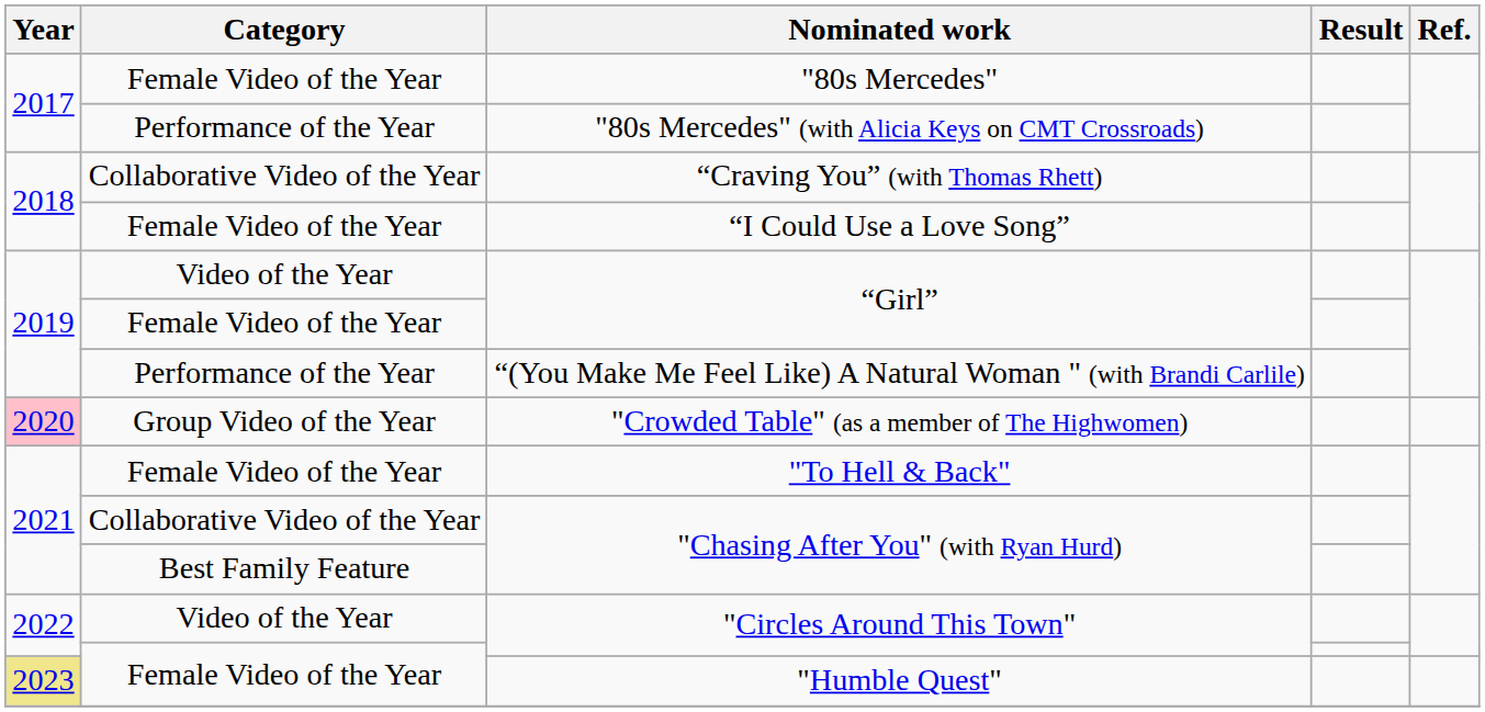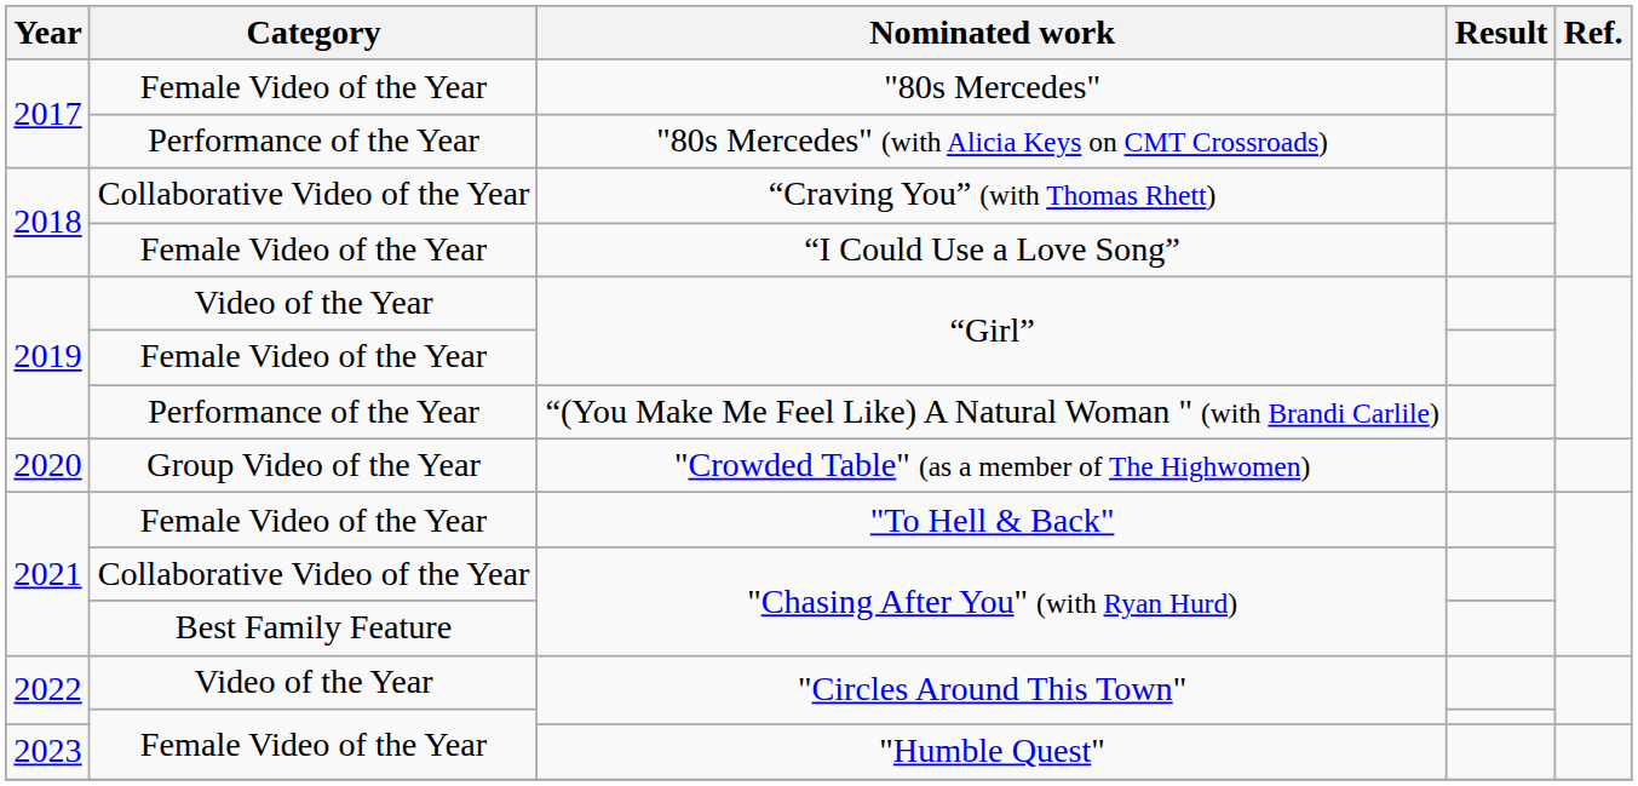 <table class="wikitable" style="text-align:center;">
 <tr>
 <th>Year</th>
 <th>Category</th>
 <th>Nominated work</th>
 <th>Result</th>
 <th>Ref.</th>
 </tr>
 <tr>
 <td rowspan="2"><a href='#'>2017</a></td>
 <td>Female Video of the Year</td>
 <td>"80s Mercedes"</td>
 <td></td>
 <td rowspan="2"></td>
 </tr>
 <tr>
 <td>Performance of the Year</td>
 <td>"80s Mercedes" <small>(with <a href='#'>Alicia Keys</a> on <a href='#'>CMT Crossroads</a>)</small></td>
 <td></td>
 </tr>
 <tr>
 <td rowspan="2"><a href='#'>2018</a></td>
 <td>Collaborative Video of the Year</td>
 <td>“Craving You” <small>(with <a href='#'>Thomas Rhett</a>)</small></td>
 <td></td>
 <td rowspan="2"></td>
 </tr>
 <tr>
 <td rowspan="1">Female Video of the Year</td>
 <td>“I Could Use a Love Song”</td>
 <td></td>
 </tr>
 <tr>
 <td rowspan="3"><a href='#'>2019</a></td>
 <td>Video of the Year</td>
 <td rowspan="2">“Girl”</td>
 <td></td>
 <td rowspan="3"></td>
 </tr>
 <tr>
 <td>Female Video of the Year</td>
 <td></td>
 </tr>
 <tr>
 <td>Performance of the Year</td>
 <td>“(You Make Me Feel Like) A Natural Woman " <small>(with <a href='#'>Brandi Carlile</a>)</small></td>
 <td></td>
 </tr>
 <tr>
-<td style="background: pink;"><a href='#'>2020</a></td>
+<td><a href='#'>2020</a></td>
 <td>Group Video of the Year</td>
 <td>"<a href='#'>Crowded Table</a>" <small>(as a member of <a href='#'>The Highwomen</a>)</small></td>
 <td></td>
 <td></td>
 </tr>
 <tr>
 <td rowspan="3"><a href='#'>2021</a></td>
 <td>Female Video of the Year</td>
 <td><a href='#'>"To Hell & Back"</a></td>
 <td></td>
 <td rowspan="3"></td>
 </tr>
 <tr>
 <td>Collaborative Video of the Year</td>
 <td rowspan="2">"<a href='#'>Chasing After You</a>" <small>(with <a href='#'>Ryan Hurd</a>)</small></td>
 <td></td>
 </tr>
 <tr>
 <td>Best Family Feature</td>
 <td></td>
 </tr>
 <tr>
 <td rowspan="2"><a href='#'>2022</a></td>
 <td>Video of the Year</td>
 <td rowspan="2">"<a href='#'>Circles Around This Town</a>"</td>
 <td></td>
 <td rowspan="2"></td>
 </tr>
 <tr>
 <td rowspan="2">Female Video of the Year</td>
 <td></td>
 </tr>
 <tr>
-<td style="background: khaki;"><a href='#'>2023</a></td>
+<td><a href='#'>2023</a></td>
 <td>"<a href='#'>Humble Quest</a>"</td>
 <td></td>
 <td></td>
 </tr>
 <tr>
 </tr>
 </table>
